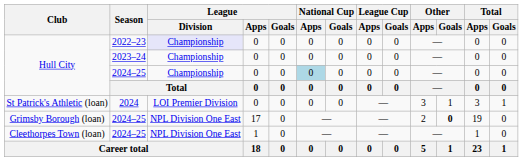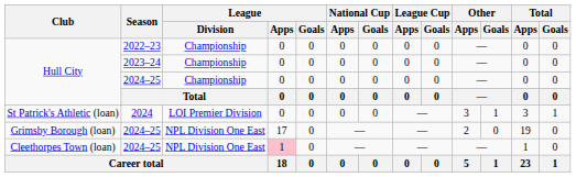 <table class="wikitable" style="text-align:center">
 <tr>
 <th rowspan="2">Club</th>
 <th rowspan="2">Season</th>
 <th colspan="3">League</th>
 <th colspan="2">National Cup</th>
 <th colspan="2">League Cup</th>
 <th colspan="2">Other</th>
 <th colspan="2">Total</th>
 </tr>
 <tr>
 <th>Division</th>
 <th>Apps</th>
 <th>Goals</th>
 <th>Apps</th>
 <th>Goals</th>
 <th>Apps</th>
 <th>Goals</th>
 <th>Apps</th>
 <th>Goals</th>
 <th>Apps</th>
 <th>Goals</th>
 </tr>
 <tr>
 <td rowspan=4><a href='#'>Hull City</a></td>
 <td><a href='#'>2022–23</a></td>
-<td style="background: lavender;"><a href='#'>Championship</a></td>
+<td><a href='#'>Championship</a></td>
 <td>0</td>
 <td>0</td>
 <td>0</td>
 <td>0</td>
 <td>0</td>
 <td>0</td>
 <td colspan=2>—</td>
 <td>0</td>
 <td>0</td>
 </tr>
 <tr>
 <td><a href='#'>2023–24</a></td>
 <td><a href='#'>Championship</a></td>
 <td>0</td>
 <td>0</td>
 <td>0</td>
 <td>0</td>
 <td>0</td>
 <td>0</td>
 <td colspan=2>—</td>
 <td>0</td>
 <td>0</td>
 </tr>
 <tr>
 <td><a href='#'>2024–25</a></td>
 <td><a href='#'>Championship</a></td>
 <td>0</td>
 <td>0</td>
-<td style="background: lightblue;">0</td>
+<td>0</td>
 <td>0</td>
 <td>0</td>
 <td>0</td>
 <td colspan=2>—</td>
 <td>0</td>
 <td>0</td>
 </tr>
 <tr>
 <th colspan="2">Total</th>
 <th>0</th>
 <th>0</th>
 <th>0</th>
 <th>0</th>
 <th>0</th>
 <th>0</th>
 <th colspan=2>—</th>
 <th>0</th>
 <th>0</th>
 </tr>
 <tr>
 <td><a href='#'>St Patrick's Athletic</a> (loan)</td>
 <td><a href='#'>2024</a></td>
 <td><a href='#'>LOI Premier Division</a></td>
 <td>0</td>
 <td>0</td>
 <td>0</td>
 <td>0</td>
 <td colspan=2>—</td>
 <td>3</td>
 <td>1</td>
 <td>3</td>
 <td>1</td>
 </tr>
 <tr>
 <td><a href='#'>Grimsby Borough</a> (loan)</td>
 <td><a href='#'>2024–25</a></td>
 <td><a href='#'>NPL Division One East</a></td>
 <td>17</td>
 <td>0</td>
 <td colspan=2>—</td>
 <td colspan=2>—</td>
 <td>2</td>
-<td><strong>0</strong></td>
+<td>0</td>
 <td>19</td>
 <td>0</td>
 </tr>
 <tr>
 <td><a href='#'>Cleethorpes Town</a> (loan)</td>
 <td><a href='#'>2024–25</a></td>
 <td><a href='#'>NPL Division One East</a></td>
-<td>1</td>
+<td style="background: pink;">1</td>
 <td>0</td>
 <td colspan=2>—</td>
 <td colspan=2>—</td>
 <td colspan=2>—</td>
 <td>1</td>
 <td>0</td>
 </tr>
 <tr>
 <th colspan="3">Career total</th>
 <th>18</th>
 <th>0</th>
 <th>0</th>
 <th>0</th>
 <th>0</th>
 <th>0</th>
 <th>5</th>
 <th>1</th>
 <th>23</th>
 <th>1</th>
 </tr>
 </table>
